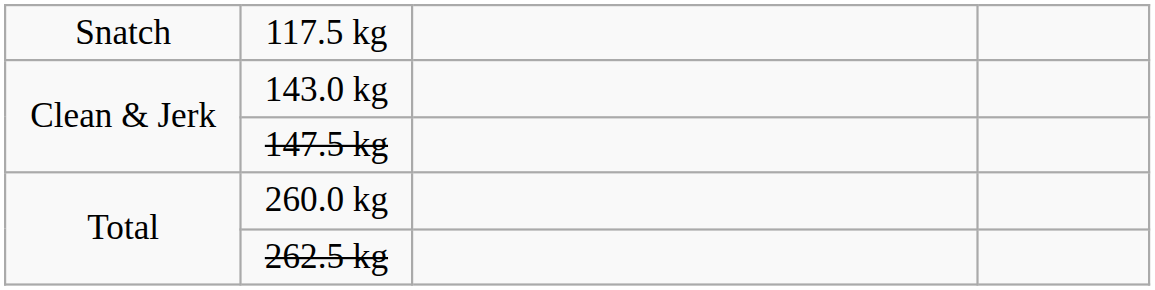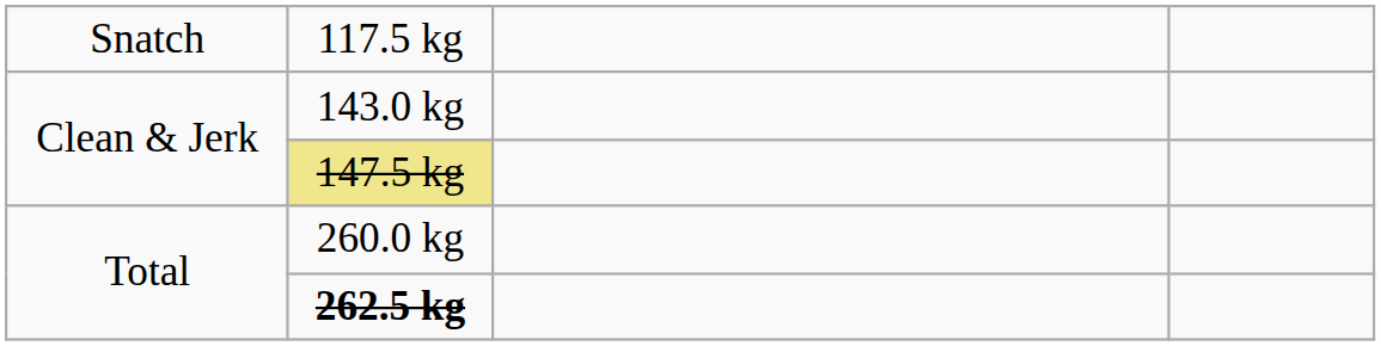 <table class = "wikitable" style="text-align:center;">
 <tr>
 <td width=100>Snatch</td>
 <td width=70>117.5 kg</td>
 <td width=250 align=left></td>
 <td width=70></td>
 </tr>
 <tr>
 <td rowspan=2>Clean & Jerk</td>
 <td>143.0 kg</td>
 <td align=left></td>
 <td></td>
 </tr>
 <tr>
-<td><s>147.5 kg</s></td>
+<td style="background: khaki;"><s>147.5 kg</s></td>
 <td align=left><s></s></td>
 <td><s></s></td>
 </tr>
 <tr>
 <td rowspan=2>Total</td>
 <td>260.0 kg</td>
 <td align=left></td>
 <td></td>
 </tr>
 <tr>
-<td><s>262.5 kg</s></td>
+<td><strong><s>262.5 kg</s></strong></td>
 <td align=left><s></s></td>
 <td><s></s></td>
 </tr>
 </table>
